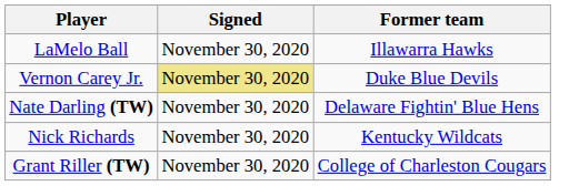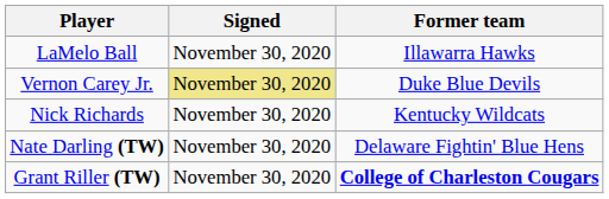 <table class="wikitable sortable sortable" style="text-align: center">
 <tr>
 <th>Player</th>
 <th>Signed</th>
 <th>Former team</th>
 </tr>
 <tr style="text-align: center">
 <td><a href='#'>LaMelo Ball</a></td>
 <td>November 30, 2020</td>
 <td> <a href='#'>Illawarra Hawks</a></td>
 </tr>
 <tr style="text-align: center">
 <td><a href='#'>Vernon Carey Jr.</a></td>
 <td style="background: khaki;">November 30, 2020</td>
 <td><a href='#'>Duke Blue Devils</a></td>
 </tr>
 <tr style="text-align: center">
+<td><a href='#'>Nick Richards</a></td>
+<td>November 30, 2020</td>
+<td><a href='#'>Kentucky Wildcats</a></td>
+</tr>
+<tr style="text-align: center">
 <td><a href='#'>Nate Darling</a> <strong>(TW)</strong></td>
 <td>November 30, 2020</td>
 <td><a href='#'>Delaware Fightin' Blue Hens</a></td>
 </tr>
 <tr style="text-align: center">
-<td><a href='#'>Nick Richards</a></td>
-<td>November 30, 2020</td>
-<td><a href='#'>Kentucky Wildcats</a></td>
-</tr>
-<tr style="text-align: center">
 <td><a href='#'>Grant Riller</a> <strong>(TW)</strong></td>
 <td>November 30, 2020</td>
-<td><a href='#'>College of Charleston Cougars</a></td>
+<td><strong><a href='#'>College of Charleston Cougars</a></strong></td>
 </tr>
 </table>
